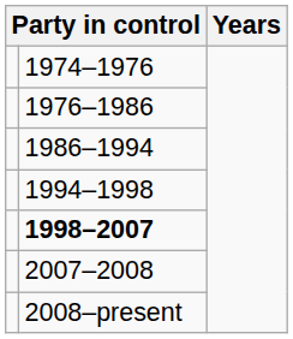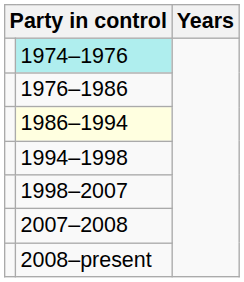 <table class="wikitable">
 <tr>
 <th colspan="2">Party in control</th>
 <th>Years</th>
 </tr>
 <tr>
 <td></td>
-<td>1974–1976</td>
+<td style="background: paleturquoise;">1974–1976</td>
 </tr>
 <tr>
 <td></td>
 <td>1976–1986</td>
 </tr>
 <tr>
 <td></td>
-<td>1986–1994</td>
+<td style="background: lightyellow;">1986–1994</td>
 </tr>
 <tr>
 <td></td>
 <td>1994–1998</td>
 </tr>
 <tr>
 <td></td>
-<td><strong>1998–2007</strong></td>
+<td>1998–2007</td>
 </tr>
 <tr>
 <td></td>
 <td>2007–2008</td>
 </tr>
 <tr>
 <td></td>
 <td>2008–present</td>
 </tr>
 </table>
